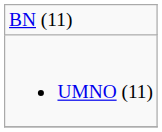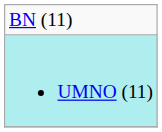 <table class="wikitable">
 <tr>
 <td> <a href='#'>BN</a> (11)</td>
 </tr>
 <tr>
-<td><br><ul><li> <a href='#'>UMNO</a> (11)</li></ul></td>
+<td style="background: paleturquoise;"><br><ul><li> <a href='#'>UMNO</a> (11)</li></ul></td>
 </tr>
 <tr>
 </tr>
 </table>
